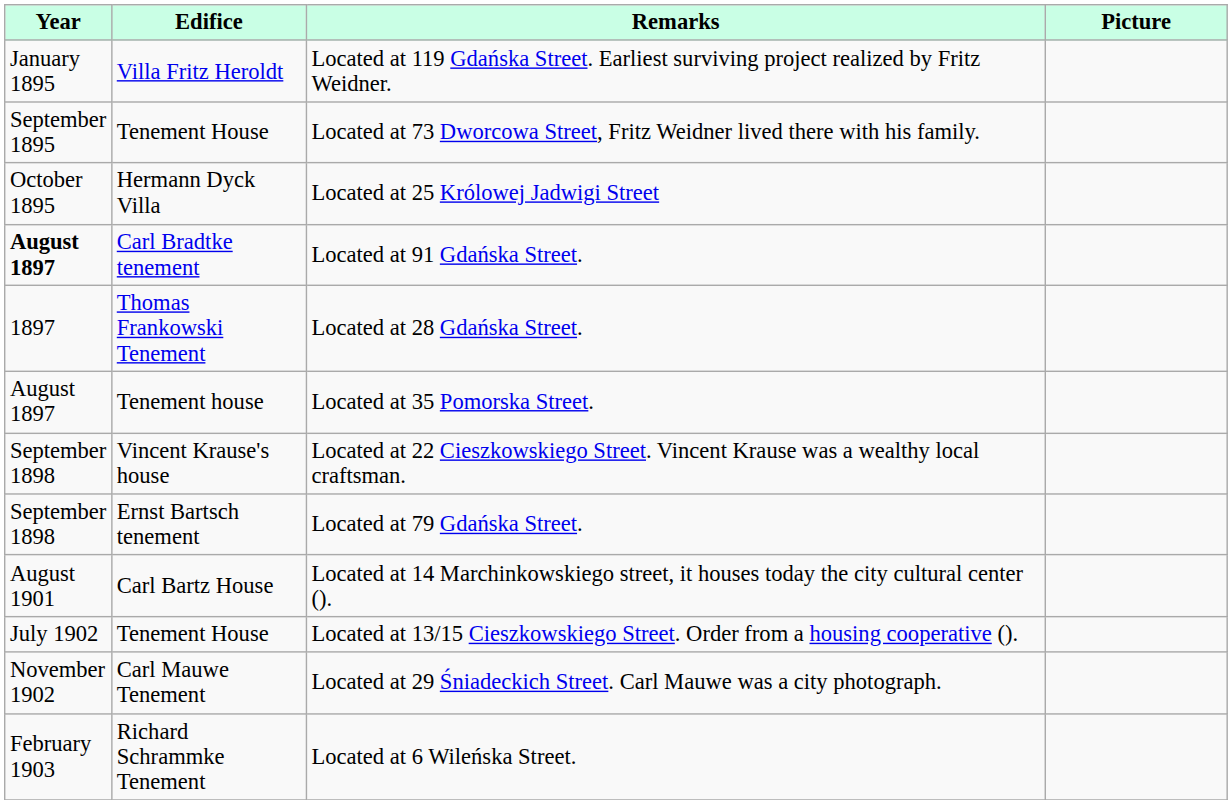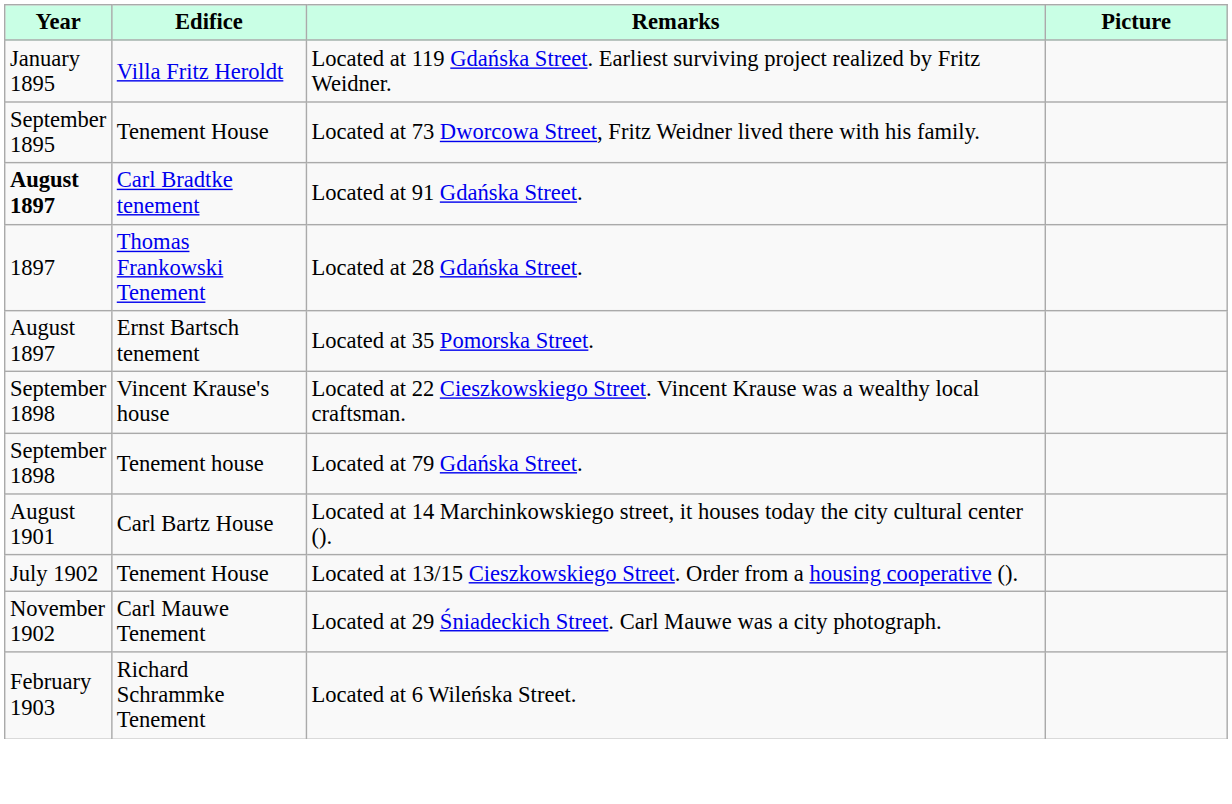 <table class="wikitable" style="flex: 30em">
 <tr align="center" bgcolor="#C9FFE5">
 <td width=8%><strong>Year</strong></td>
 <td width=16%><strong>Edifice</strong></td>
 <td width=61%><strong>Remarks</strong></td>
 <td width=15%><strong>Picture</strong></td>
 </tr>
 <tr ----bgcolor="#FFFFFF">
 <td>January 1895</td>
 <td><a href='#'>Villa Fritz Heroldt</a></td>
 <td>Located at 119 <a href='#'>Gdańska Street</a>. Earliest surviving project realized by Fritz Weidner.</td>
 <td></td>
 </tr>
 <tr>
 <td>September 1895</td>
 <td>Tenement House</td>
 <td>Located at 73 <a href='#'>Dworcowa Street</a>, Fritz Weidner lived there with his family.</td>
 <td></td>
 </tr>
 <tr>
-<td>October 1895</td>
-<td>Hermann Dyck Villa</td>
-<td>Located at 25 <a href='#'>Królowej Jadwigi Street</a></td>
-<td></td>
-</tr>
-<tr>
 <td><strong>August 1897</strong></td>
 <td><a href='#'>Carl Bradtke tenement</a></td>
 <td>Located at 91 <a href='#'>Gdańska Street</a>.</td>
 <td></td>
 </tr>
 <tr>
 <td>1897</td>
 <td><a href='#'>Thomas Frankowski Tenement</a></td>
 <td>Located at 28 <a href='#'>Gdańska Street</a>.</td>
 <td></td>
 </tr>
 <tr>
 <td>August 1897</td>
-<td>Tenement house</td>
+<td>Ernst Bartsch tenement</td>
 <td>Located at 35 <a href='#'>Pomorska Street</a>.</td>
 <td></td>
 </tr>
 <tr>
 <td>September 1898</td>
 <td>Vincent Krause's house</td>
 <td>Located at 22 <a href='#'>Cieszkowskiego Street</a>. Vincent Krause was a wealthy local craftsman.</td>
 <td></td>
 </tr>
 <tr>
 <td>September 1898</td>
-<td>Ernst Bartsch tenement</td>
+<td>Tenement house</td>
 <td>Located at 79 <a href='#'>Gdańska Street</a>.</td>
 <td></td>
 </tr>
 <tr>
 <td>August 1901</td>
 <td>Carl Bartz House</td>
 <td>Located at 14 Marchinkowskiego street, it houses today the city cultural center ().</td>
 <td></td>
 </tr>
 <tr>
 <td>July 1902</td>
 <td>Tenement House</td>
 <td>Located at 13/15 <a href='#'>Cieszkowskiego Street</a>. Order from a <a href='#'>housing cooperative</a> ().</td>
 <td></td>
 </tr>
 <tr>
 <td>November 1902</td>
 <td>Carl Mauwe Tenement</td>
 <td>Located at 29 <a href='#'>Śniadeckich Street</a>. Carl Mauwe was a city photograph.</td>
 <td></td>
 </tr>
 <tr>
 <td>February 1903</td>
 <td>Richard Schrammke Tenement</td>
 <td>Located at 6 Wileńska Street.</td>
 <td></td>
 </tr>
 </table>
